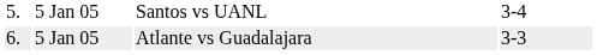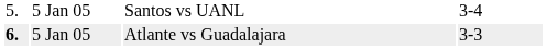 <table>
 <tr>
 <td width="20">5.</td>
 <td width="80">5 Jan 05</td>
 <td width="300">Santos vs UANL</td>
 <td width="75">3-4</td>
 </tr>
 <tr bgcolor=#eeeeee>
-<td>6.</td>
+<td><strong>6.</strong></td>
 <td>5 Jan 05</td>
 <td>Atlante vs Guadalajara</td>
 <td>3-3</td>
 </tr>
 </table>
